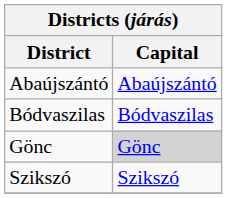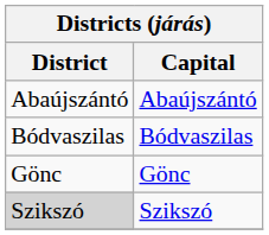 <table class="wikitable">
 <tr>
 <th colspan=2>Districts (<em>járás</em>)</th>
 </tr>
 <tr>
 <th>District</th>
 <th>Capital</th>
 </tr>
 <tr>
 <td>Abaújszántó</td>
 <td><a href='#'>Abaújszántó</a></td>
 </tr>
 <tr>
 <td>Bódvaszilas</td>
 <td><a href='#'>Bódvaszilas</a></td>
 </tr>
 <tr>
 <td>Gönc</td>
-<td style="background: lightgrey;"><a href='#'>Gönc</a></td>
+<td><a href='#'>Gönc</a></td>
 </tr>
 <tr>
-<td>Szikszó</td>
+<td style="background: lightgrey;">Szikszó</td>
 <td><a href='#'>Szikszó</a></td>
 </tr>
 <tr>
 </tr>
 </table>
